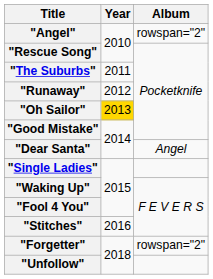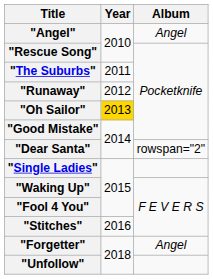 <table class="wikitable plainrowheaders" style="text-align:center;">
 <tr>
 <th scope="col" rowspan="1">Title</th>
 <th scope="col" rowspan="1">Year</th>
 <th scope="col" rowspan="1">Album</th>
 </tr>
 <tr>
 <th scope="row">"Angel"</th>
 <td rowspan="2">2010</td>
-<td>rowspan="2" </td>
+<td><em>Angel</em></td>
 </tr>
 <tr>
 <th scope="row">"Rescue Song"</th>
 <td rowspan="5"><em>Pocketknife</em></td>
 </tr>
 <tr>
 <th scope="row">"<a href='#'>The Suburbs</a>"</th>
 <td>2011</td>
 </tr>
 <tr>
 <th scope="row">"Runaway"</th>
 <td>2012</td>
 </tr>
 <tr>
 <th scope="row">"Oh Sailor"<br></th>
 <td style="background: gold;">2013</td>
 </tr>
 <tr>
 <th scope="row">"Good Mistake"</th>
 <td rowspan="2">2014</td>
 </tr>
 <tr>
 <th scope="row">"Dear Santa"</th>
-<td><em>Angel</em></td>
+<td>rowspan="2" </td>
 </tr>
 <tr>
 <th scope="row">"<a href='#'>Single Ladies</a>"</th>
 <td rowspan="3">2015</td>
 </tr>
 <tr>
 <th scope="row">"Waking Up"</th>
 <td rowspan="3"><em>F E V E R S</em></td>
 </tr>
 <tr>
 <th scope="row">"Fool 4 You"</th>
 </tr>
 <tr>
 <th scope="row">"Stitches"</th>
 <td>2016</td>
 </tr>
 <tr>
 <th scope="row">"Forgetter"</th>
 <td rowspan="2">2018</td>
-<td>rowspan="2" </td>
+<td><em>Angel</em></td>
 </tr>
 <tr>
 <th scope="row">"Unfollow"</th>
 </tr>
 </table>
